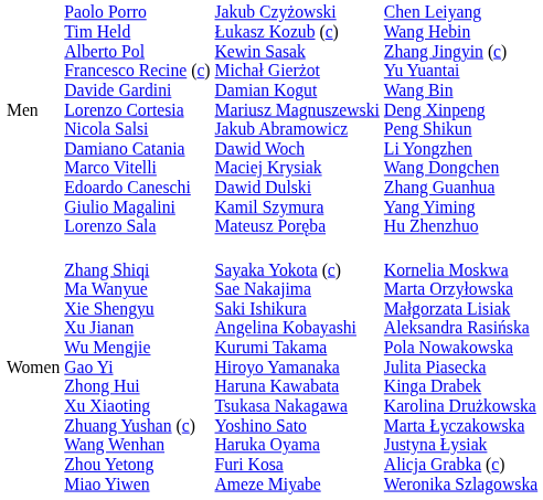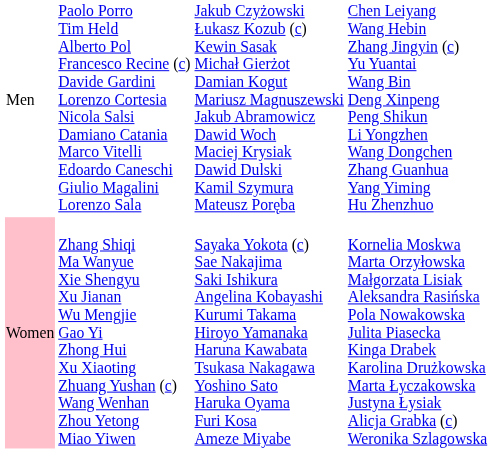 <table>
 <tr>
 <td>Men<br></td>
 <td><br><a href='#'>Paolo Porro</a> <br><a href='#'>Tim Held</a><br><a href='#'>Alberto Pol</a><br><a href='#'>Francesco Recine</a> (<a href='#'>c</a>)<br><a href='#'>Davide Gardini</a><br><a href='#'>Lorenzo Cortesia</a><br><a href='#'>Nicola Salsi</a><br><a href='#'>Damiano Catania</a><br><a href='#'>Marco Vitelli</a><br><a href='#'>Edoardo Caneschi</a><br><a href='#'>Giulio Magalini</a><br><a href='#'>Lorenzo Sala</a></td>
 <td><br><a href='#'>Jakub Czyżowski</a><br><a href='#'>Łukasz Kozub</a> (<a href='#'>c</a>)<br><a href='#'>Kewin Sasak</a><br><a href='#'>Michał Gierżot</a><br><a href='#'>Damian Kogut</a><br><a href='#'>Mariusz Magnuszewski</a><br><a href='#'>Jakub Abramowicz</a><br><a href='#'>Dawid Woch</a><br><a href='#'>Maciej Krysiak</a><br><a href='#'>Dawid Dulski</a><br><a href='#'>Kamil Szymura</a><br><a href='#'>Mateusz Poręba</a></td>
 <td><br><a href='#'>Chen Leiyang</a><br><a href='#'>Wang Hebin</a><br><a href='#'>Zhang Jingyin</a>  (<a href='#'>c</a>)<br><a href='#'>Yu Yuantai</a><br><a href='#'>Wang Bin</a><br><a href='#'>Deng Xinpeng</a><br><a href='#'>Peng Shikun</a><br><a href='#'>Li Yongzhen</a><br><a href='#'>Wang Dongchen</a><br><a href='#'>Zhang Guanhua</a><br><a href='#'>Yang Yiming</a><br><a href='#'>Hu Zhenzhuo</a></td>
 </tr>
 <tr>
-<td>Women<br></td>
+<td style="background: pink;">Women<br></td>
 <td><br><a href='#'>Zhang Shiqi</a><br><a href='#'>Ma Wanyue</a><br><a href='#'>Xie Shengyu</a><br><a href='#'>Xu Jianan</a><br><a href='#'>Wu Mengjie</a><br><a href='#'>Gao Yi</a> <br><a href='#'>Zhong Hui</a><br><a href='#'>Xu Xiaoting</a><br><a href='#'>Zhuang Yushan</a> (<a href='#'>c</a>)<br><a href='#'>Wang Wenhan</a><br><a href='#'>Zhou Yetong</a><br><a href='#'>Miao Yiwen</a></td>
 <td><br><a href='#'>Sayaka Yokota</a> (<a href='#'>c</a>)<br><a href='#'>Sae Nakajima</a><br><a href='#'>Saki Ishikura</a><br><a href='#'>Angelina Kobayashi</a><br><a href='#'>Kurumi Takama</a><br><a href='#'>Hiroyo Yamanaka</a><br><a href='#'>Haruna Kawabata</a><br><a href='#'>Tsukasa Nakagawa</a><br><a href='#'>Yoshino Sato</a><br><a href='#'>Haruka Oyama</a><br><a href='#'>Furi Kosa</a><br><a href='#'>Ameze Miyabe</a></td>
 <td><br><a href='#'>Kornelia Moskwa</a><br><a href='#'>Marta Orzyłowska</a><br><a href='#'>Małgorzata Lisiak</a><br><a href='#'>Aleksandra Rasińska</a><br><a href='#'>Pola Nowakowska</a><br><a href='#'>Julita Piasecka</a><br><a href='#'>Kinga Drabek</a><br><a href='#'>Karolina Drużkowska</a><br><a href='#'>Marta Łyczakowska</a><br><a href='#'>Justyna Łysiak</a><br><a href='#'>Alicja Grabka</a> (<a href='#'>c</a>)<br><a href='#'>Weronika Szlagowska</a></td>
 </tr>
 </table>
